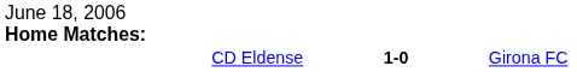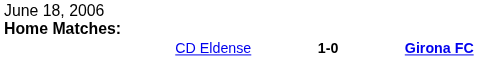 <table width=100% cellspacing=1>
 <tr>
 <th width=20%></th>
 <th width=12%></th>
 <th width=20%></th>
 <th></th>
 </tr>
 <tr>
 <td>June 18, 2006<br><strong>Home Matches:</strong></td>
 </tr>
 <tr style=font-size:90%>
 <td align=right><a href='#'>CD Eldense</a></td>
 <td align=center><strong>1-0</strong></td>
-<td><a href='#'>Girona FC</a></td>
+<td><strong><a href='#'>Girona FC</a></strong></td>
 </tr>
 </table>
